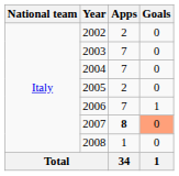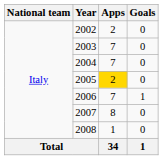 <table class="wikitable" style="text-align:center">
 <tr>
 <th>National team</th>
 <th>Year</th>
 <th>Apps</th>
 <th>Goals</th>
 </tr>
 <tr>
 <td rowspan="7"><a href='#'>Italy</a></td>
 <td>2002</td>
 <td>2</td>
 <td>0</td>
 </tr>
 <tr>
 <td>2003</td>
 <td>7</td>
 <td>0</td>
 </tr>
 <tr>
 <td>2004</td>
 <td>7</td>
 <td>0</td>
 </tr>
 <tr>
 <td>2005</td>
-<td>2</td>
+<td style="background: gold;">2</td>
 <td>0</td>
 </tr>
 <tr>
 <td>2006</td>
 <td>7</td>
 <td>1</td>
 </tr>
 <tr>
 <td>2007</td>
-<td><strong>8</strong></td>
-<td style="background: lightsalmon;">0</td>
+<td>8</td>
+<td>0</td>
 </tr>
 <tr>
 <td>2008</td>
 <td>1</td>
 <td>0</td>
 </tr>
 <tr>
 <th colspan="2">Total</th>
 <th>34</th>
 <th>1</th>
 </tr>
 </table>
